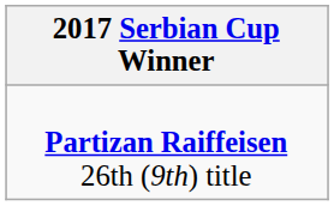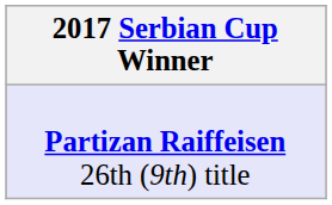 <table class=wikitable style="text-align:center; width:175px; margin:auto">
 <tr>
 <th>2017 <a href='#'>Serbian Cup</a><br>Winner</th>
 </tr>
 <tr>
-<td align=center><br><strong><a href='#'>Partizan Raiffeisen</a></strong><br>26th (<em>9th</em>) title</td>
+<td align=center style="background: lavender;"><br><strong><a href='#'>Partizan Raiffeisen</a></strong><br>26th (<em>9th</em>) title</td>
 </tr>
 </table>
